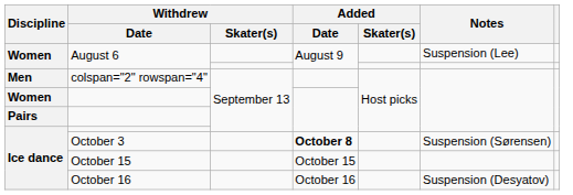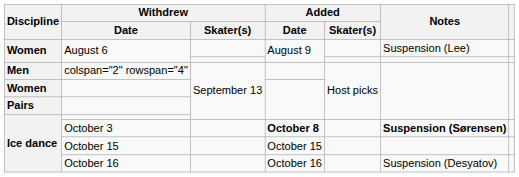 <table class="wikitable unsortable">
 <tr>
 <th scope="col" rowspan=2>Discipline</th>
 <th scope="col" colspan=2>Withdrew</th>
 <th scope="col" colspan=2>Added</th>
 <th scope="col" rowspan=2>Notes</th>
 <th scope="col" rowspan=2></th>
 </tr>
 <tr>
 <th>Date</th>
 <th>Skater(s)</th>
 <th>Date</th>
 <th>Skater(s)</th>
 </tr>
 <tr>
 <th rowspan="2" scope="row" style="text-align:left">Women</th>
 <td rowspan="2">August 6</td>
 <td></td>
 <td rowspan="2">August 9</td>
 <td></td>
 <td>Suspension (Lee)</td>
 <td></td>
 </tr>
 <tr>
 <td></td>
 <td></td>
 <td></td>
 <td></td>
 </tr>
 <tr>
 <th scope="row" style="text-align:left">Men</th>
 <td>colspan="2" rowspan="4" </td>
 <td rowspan="4">September 13</td>
 <td></td>
 <td rowspan="4">Host picks</td>
 <td rowspan="4"></td>
 </tr>
 <tr>
 <th scope="row" style="text-align:left">Women</th>
 <td></td>
 </tr>
 <tr>
 <th scope="row" style="text-align:left">Pairs</th>
 <td></td>
 </tr>
 <tr>
 <th rowspan="4" scope="row" style="text-align:left">Ice dance</th>
 <td></td>
 </tr>
 <tr>
 <td>October 3</td>
 <td></td>
 <td><strong>October 8</strong></td>
 <td></td>
-<td>Suspension (Sørensen)</td>
+<td><strong>Suspension (Sørensen)</strong></td>
 <td></td>
 </tr>
 <tr>
 <td>October 15</td>
 <td></td>
 <td>October 15</td>
 <td></td>
 <td></td>
 <td></td>
 </tr>
 <tr>
 <td>October 16</td>
 <td></td>
 <td>October 16</td>
 <td></td>
 <td>Suspension (Desyatov)</td>
 <td></td>
 </tr>
 </table>
